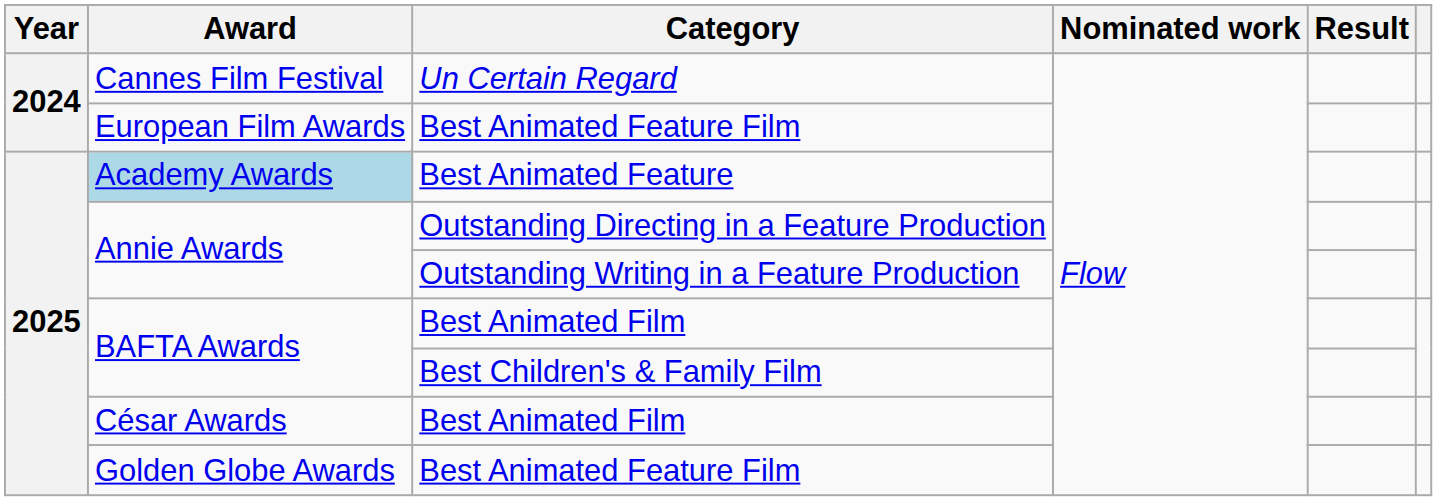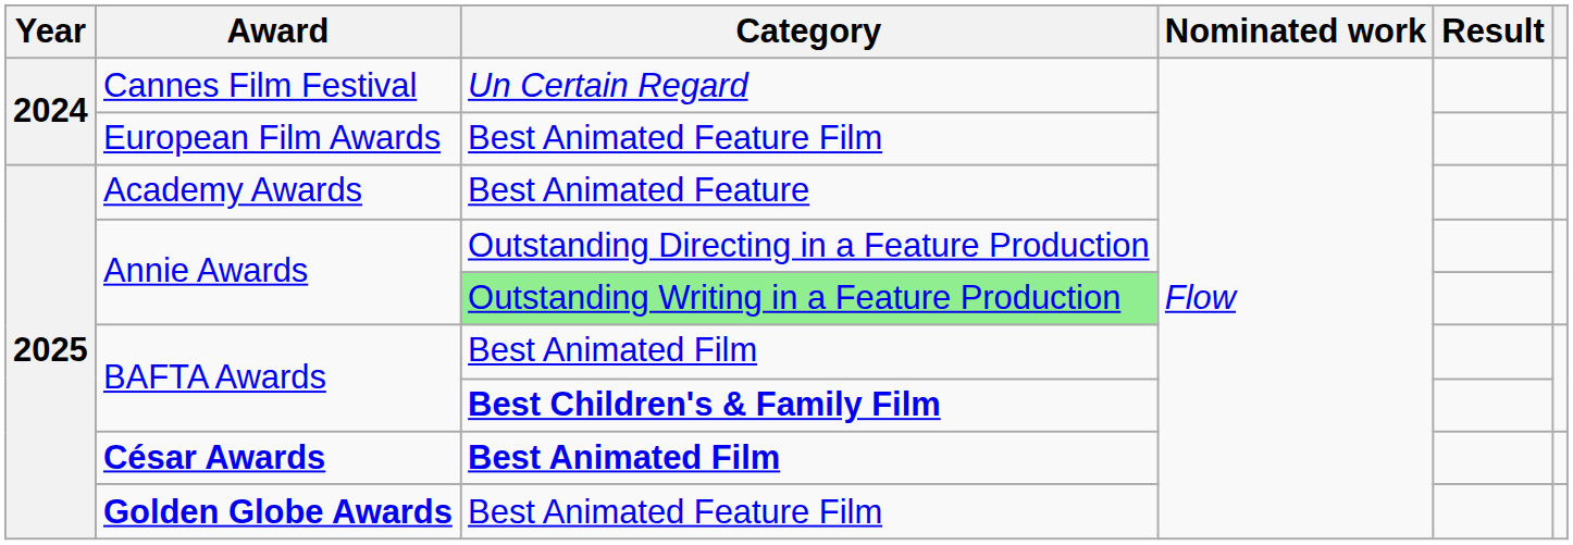 <table class="wikitable plainrowheaders sortable">
 <tr>
 <th scope="col">Year</th>
 <th scope="col">Award</th>
 <th scope="col">Category</th>
 <th scope="col">Nominated work</th>
 <th scope="col">Result</th>
 <th scope="col" class="unsortable"></th>
 </tr>
 <tr>
 <th scope="row" rowspan="2">2024</th>
 <td><a href='#'>Cannes Film Festival</a></td>
 <td><em><a href='#'>Un Certain Regard</a></em></td>
 <td rowspan="9"><em><a href='#'>Flow</a></em></td>
 <td></td>
 <td align="center"></td>
 </tr>
 <tr>
 <td><a href='#'>European Film Awards</a></td>
 <td><a href='#'>Best Animated Feature Film</a></td>
 <td></td>
 <td align="center"></td>
 </tr>
 <tr>
 <th rowspan="7" scope="row">2025</th>
-<td style="background: lightblue;"><a href='#'>Academy Awards</a></td>
+<td><a href='#'>Academy Awards</a></td>
 <td><a href='#'>Best Animated Feature</a></td>
 <td></td>
 <td align="center"></td>
 </tr>
 <tr>
 <td rowspan="2"><a href='#'>Annie Awards</a></td>
 <td><a href='#'>Outstanding Directing in a Feature Production</a></td>
 <td></td>
 <td align="center" rowspan="2"><br></td>
 </tr>
 <tr>
-<td><a href='#'>Outstanding Writing in a Feature Production</a></td>
+<td style="background: lightgreen;"><a href='#'>Outstanding Writing in a Feature Production</a></td>
 <td></td>
 </tr>
 <tr>
 <td rowspan="2"><a href='#'>BAFTA Awards</a></td>
 <td><a href='#'>Best Animated Film</a></td>
 <td></td>
 <td align="center" rowspan="2"></td>
 </tr>
 <tr>
-<td><a href='#'>Best Children's & Family Film</a></td>
+<td><strong><a href='#'>Best Children's & Family Film</a></strong></td>
 <td></td>
 </tr>
 <tr>
-<td><a href='#'>César Awards</a></td>
-<td><a href='#'>Best Animated Film</a></td>
+<td><strong><a href='#'>César Awards</a></strong></td>
+<td><strong><a href='#'>Best Animated Film</a></strong></td>
 <td></td>
 <td align="center"></td>
 </tr>
 <tr>
-<td><a href='#'>Golden Globe Awards</a></td>
+<td><strong><a href='#'>Golden Globe Awards</a></strong></td>
 <td><a href='#'>Best Animated Feature Film</a></td>
 <td></td>
 <td align="center"></td>
 </tr>
 </table>
